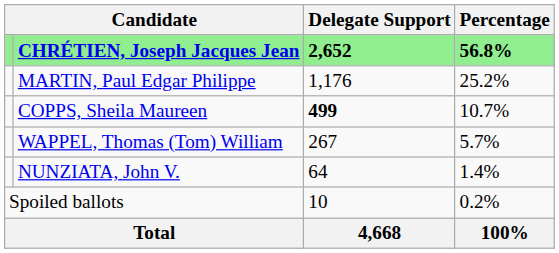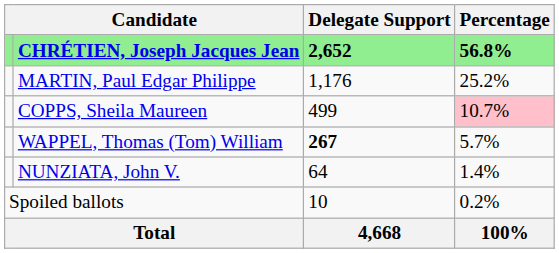 <table class="wikitable">
 <tr>
 <th colspan="2">Candidate</th>
 <th>Delegate Support</th>
 <th>Percentage</th>
 </tr>
 <tr style="background:lightgreen;">
 <td></td>
 <td><strong><a href='#'>CHRÉTIEN, Joseph Jacques Jean</a></strong></td>
 <td><strong>2,652</strong></td>
 <td><strong>56.8%</strong></td>
 </tr>
 <tr>
 <td></td>
 <td><a href='#'>MARTIN, Paul Edgar Philippe</a></td>
 <td>1,176</td>
 <td>25.2%</td>
 </tr>
 <tr>
 <td></td>
 <td><a href='#'>COPPS, Sheila Maureen</a></td>
-<td><strong>499</strong></td>
-<td>10.7%</td>
+<td>499</td>
+<td style="background: pink;">10.7%</td>
 </tr>
 <tr>
 <td></td>
 <td><a href='#'>WAPPEL, Thomas (Tom) William</a></td>
-<td>267</td>
+<td><strong>267</strong></td>
 <td>5.7%</td>
 </tr>
 <tr>
 <td></td>
 <td><a href='#'>NUNZIATA, John V.</a></td>
 <td>64</td>
 <td>1.4%</td>
 </tr>
 <tr>
 <td colspan="2">Spoiled ballots</td>
 <td>10</td>
 <td>0.2%</td>
 </tr>
 <tr>
 <th colspan="2">Total</th>
 <th>4,668</th>
 <th>100%</th>
 </tr>
 </table>
